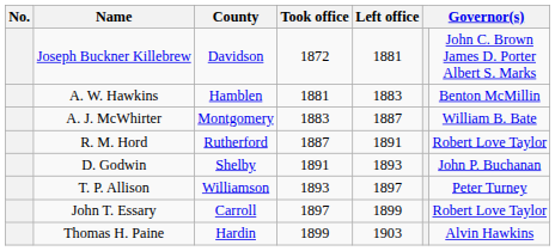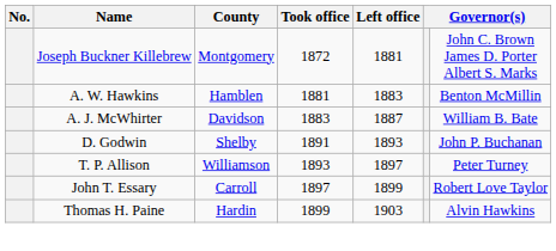 <table class="wikitable" style="clear:right; text-align:center">
 <tr>
 <th>No.</th>
 <th>Name</th>
 <th>County</th>
 <th>Took office</th>
 <th>Left office</th>
 <th colspan=2><a href='#'>Governor(s)</a></th>
 </tr>
 <tr>
 <th style="background: "></th>
 <td><a href='#'>Joseph Buckner Killebrew</a></td>
-<td><a href='#'>Davidson</a></td>
+<td><a href='#'>Montgomery</a></td>
 <td>1872</td>
 <td>1881</td>
 <th style="background: "></th>
 <td><a href='#'>John C. Brown</a><br><a href='#'>James D. Porter</a><br><a href='#'>Albert S. Marks</a></td>
 </tr>
 <tr>
 <th style="background: "></th>
 <td>A. W. Hawkins</td>
 <td><a href='#'>Hamblen</a></td>
 <td>1881</td>
 <td>1883</td>
 <th style="background: "></th>
 <td><a href='#'>Benton McMillin</a></td>
 </tr>
 <tr>
 <th style="background: "></th>
 <td>A. J. McWhirter</td>
-<td><a href='#'>Montgomery</a></td>
+<td><a href='#'>Davidson</a></td>
 <td>1883</td>
 <td>1887</td>
 <th style="background: "></th>
 <td><a href='#'>William B. Bate</a></td>
-</tr>
-<tr>
-<th style="background: "></th>
-<td>R. M. Hord</td>
-<td><a href='#'>Rutherford</a></td>
-<td>1887</td>
-<td>1891</td>
-<th style="background: "></th>
-<td><a href='#'>Robert Love Taylor</a></td>
 </tr>
 <tr>
 <th style="background: "></th>
 <td>D. Godwin</td>
 <td><a href='#'>Shelby</a></td>
 <td>1891</td>
 <td>1893</td>
 <th style="background: "></th>
 <td><a href='#'>John P. Buchanan</a></td>
 </tr>
 <tr>
 <th style="background: "></th>
 <td>T. P. Allison</td>
 <td><a href='#'>Williamson</a></td>
 <td>1893</td>
 <td>1897</td>
 <th style="background: "></th>
 <td><a href='#'>Peter Turney</a></td>
 </tr>
 <tr>
 <th style="background: "></th>
 <td>John T. Essary</td>
 <td><a href='#'>Carroll</a></td>
 <td>1897</td>
 <td>1899</td>
 <th style="background: "></th>
 <td><a href='#'>Robert Love Taylor</a></td>
 </tr>
 <tr>
 <th style="background: "></th>
 <td>Thomas H. Paine</td>
 <td><a href='#'>Hardin</a></td>
 <td>1899</td>
 <td>1903</td>
 <th style="background: "></th>
 <td><a href='#'>Alvin Hawkins</a></td>
 </tr>
 </table>
